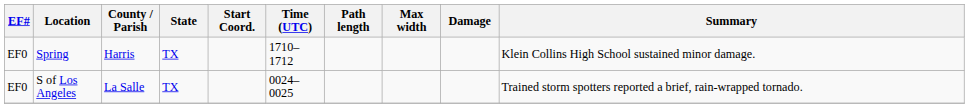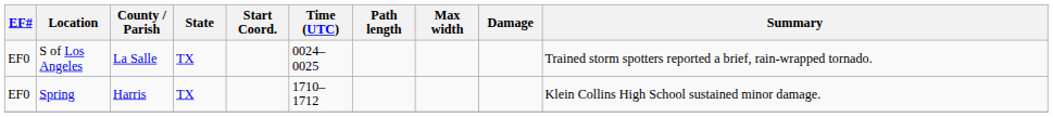 <table class="wikitable sortable" style="width:100%;">
 <tr>
 <th scope="col" width="3%" align="center"><a href='#'>EF#</a></th>
 <th scope="col" width="7%" align="center" class="unsortable">Location</th>
 <th scope="col" width="6%" align="center" class="unsortable">County / Parish</th>
 <th scope="col" width="5%" align="center">State</th>
 <th scope="col" width="6%" align="center">Start Coord.</th>
 <th scope="col" width="6%" align="center">Time (<a href='#'>UTC</a>)</th>
 <th scope="col" width="6%" align="center">Path length</th>
 <th scope="col" width="6%" align="center">Max width</th>
 <th scope="col" width="6%" align="center">Damage</th>
 <th scope="col" width="48%" class="unsortable" align="center">Summary</th>
 </tr>
 <tr>
 <td>EF0</td>
+<td>S of <a href='#'>Los Angeles</a></td>
+<td><a href='#'>La Salle</a></td>
+<td><a href='#'>TX</a></td>
+<td></td>
+<td>0024–0025</td>
+<td></td>
+<td></td>
+<td></td>
+<td>Trained storm spotters reported a brief, rain-wrapped tornado.</td>
+</tr>
+<tr>
+<td>EF0</td>
 <td><a href='#'>Spring</a></td>
 <td><a href='#'>Harris</a></td>
 <td><a href='#'>TX</a></td>
 <td></td>
 <td>1710–1712</td>
 <td></td>
 <td></td>
 <td></td>
 <td>Klein Collins High School sustained minor damage.</td>
 </tr>
 <tr>
-<td>EF0</td>
-<td>S of <a href='#'>Los Angeles</a></td>
-<td><a href='#'>La Salle</a></td>
-<td><a href='#'>TX</a></td>
-<td></td>
-<td>0024–0025</td>
-<td></td>
-<td></td>
-<td></td>
-<td>Trained storm spotters reported a brief, rain-wrapped tornado.</td>
-</tr>
-<tr>
 </tr>
 </table>
